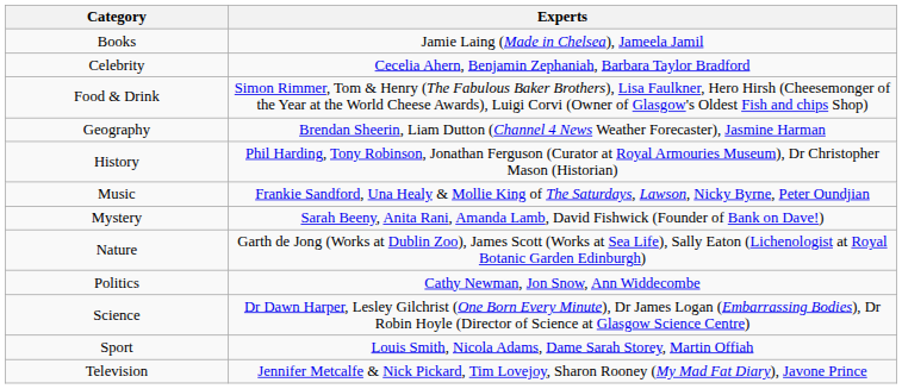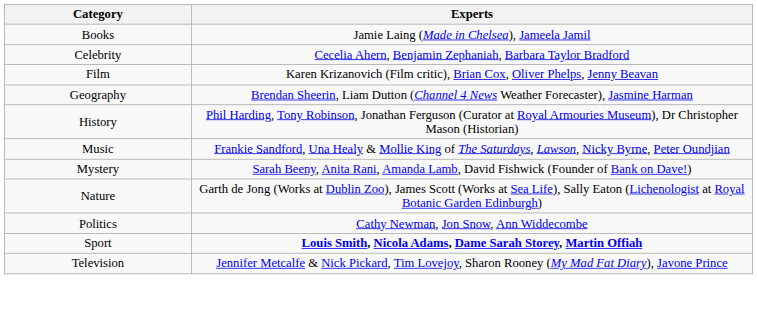 <table class="wikitable" width="75%" style="left: 0 auto; text-align: center;">
 <tr>
 <th width="25%">Category</th>
 <th width="75%">Experts</th>
 </tr>
 <tr>
 <td>Books</td>
 <td>Jamie Laing (<em><a href='#'>Made in Chelsea</a></em>), <a href='#'>Jameela Jamil</a></td>
 </tr>
 <tr>
 <td>Celebrity</td>
 <td><a href='#'>Cecelia Ahern</a>, <a href='#'>Benjamin Zephaniah</a>, <a href='#'>Barbara Taylor Bradford</a></td>
 </tr>
 <tr>
-<td>Food & Drink</td>
-<td><a href='#'>Simon Rimmer</a>, Tom & Henry (<em>The Fabulous Baker Brothers</em>), <a href='#'>Lisa Faulkner</a>, Hero Hirsh (Cheesemonger of the Year at the World Cheese Awards), Luigi Corvi (Owner of <a href='#'>Glasgow</a>'s Oldest <a href='#'>Fish and chips</a> Shop)</td>
+<td>Film</td>
+<td>Karen Krizanovich (Film critic), <a href='#'>Brian Cox</a>, <a href='#'>Oliver Phelps</a>, <a href='#'>Jenny Beavan</a></td>
 </tr>
 <tr>
 <td>Geography</td>
 <td><a href='#'>Brendan Sheerin</a>, Liam Dutton (<em><a href='#'>Channel 4 News</a></em> Weather Forecaster), <a href='#'>Jasmine Harman</a></td>
 </tr>
 <tr>
 <td>History</td>
 <td><a href='#'>Phil Harding</a>, <a href='#'>Tony Robinson</a>, Jonathan Ferguson (Curator at <a href='#'>Royal Armouries Museum</a>), Dr Christopher Mason (Historian)</td>
 </tr>
 <tr>
 <td>Music</td>
 <td><a href='#'>Frankie Sandford</a>, <a href='#'>Una Healy</a> & <a href='#'>Mollie King</a> of <em><a href='#'>The Saturdays</a></em>, <em><a href='#'>Lawson</a></em>, <a href='#'>Nicky Byrne</a>, <a href='#'>Peter Oundjian</a></td>
 </tr>
 <tr>
 <td>Mystery</td>
 <td><a href='#'>Sarah Beeny</a>, <a href='#'>Anita Rani</a>, <a href='#'>Amanda Lamb</a>, David Fishwick (Founder of <a href='#'>Bank on Dave!</a>)</td>
 </tr>
 <tr>
 <td>Nature</td>
 <td>Garth de Jong (Works at <a href='#'>Dublin Zoo</a>), James Scott (Works at <a href='#'>Sea Life</a>), Sally Eaton (<a href='#'>Lichenologist</a> at <a href='#'>Royal Botanic Garden Edinburgh</a>)</td>
 </tr>
 <tr>
 <td>Politics</td>
 <td><a href='#'>Cathy Newman</a>, <a href='#'>Jon Snow</a>, <a href='#'>Ann Widdecombe</a></td>
 </tr>
 <tr>
-<td>Science</td>
-<td><a href='#'>Dr Dawn Harper</a>, Lesley Gilchrist (<em><a href='#'>One Born Every Minute</a></em>), Dr James Logan (<em><a href='#'>Embarrassing Bodies</a></em>), Dr Robin Hoyle (Director of Science at <a href='#'>Glasgow Science Centre</a>)</td>
-</tr>
-<tr>
 <td>Sport</td>
-<td><a href='#'>Louis Smith</a>, <a href='#'>Nicola Adams</a>, <a href='#'>Dame Sarah Storey</a>, <a href='#'>Martin Offiah</a></td>
+<td><strong><a href='#'>Louis Smith</a>, <a href='#'>Nicola Adams</a>, <a href='#'>Dame Sarah Storey</a>, <a href='#'>Martin Offiah</a></strong></td>
 </tr>
 <tr>
 <td>Television</td>
 <td><a href='#'>Jennifer Metcalfe</a> & <a href='#'>Nick Pickard</a>, <a href='#'>Tim Lovejoy</a>, Sharon Rooney (<em><a href='#'>My Mad Fat Diary</a></em>), <a href='#'>Javone Prince</a></td>
 </tr>
 </table>
